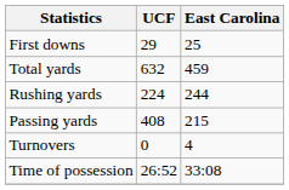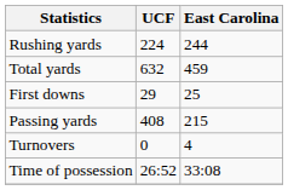 <table class="wikitable">
 <tr>
 <th>Statistics</th>
 <th>UCF</th>
 <th>East Carolina</th>
 </tr>
 <tr>
-<td>First downs</td>
-<td>29</td>
-<td>25</td>
+<td>Rushing yards</td>
+<td>224</td>
+<td>244</td>
 </tr>
 <tr>
 <td>Total yards</td>
 <td>632</td>
 <td>459</td>
 </tr>
 <tr>
-<td>Rushing yards</td>
-<td>224</td>
-<td>244</td>
+<td>First downs</td>
+<td>29</td>
+<td>25</td>
 </tr>
 <tr>
 <td>Passing yards</td>
 <td>408</td>
 <td>215</td>
 </tr>
 <tr>
 <td>Turnovers</td>
 <td>0</td>
 <td>4</td>
 </tr>
 <tr>
 <td>Time of possession</td>
 <td>26:52</td>
 <td>33:08</td>
 </tr>
 <tr>
 </tr>
 </table>
